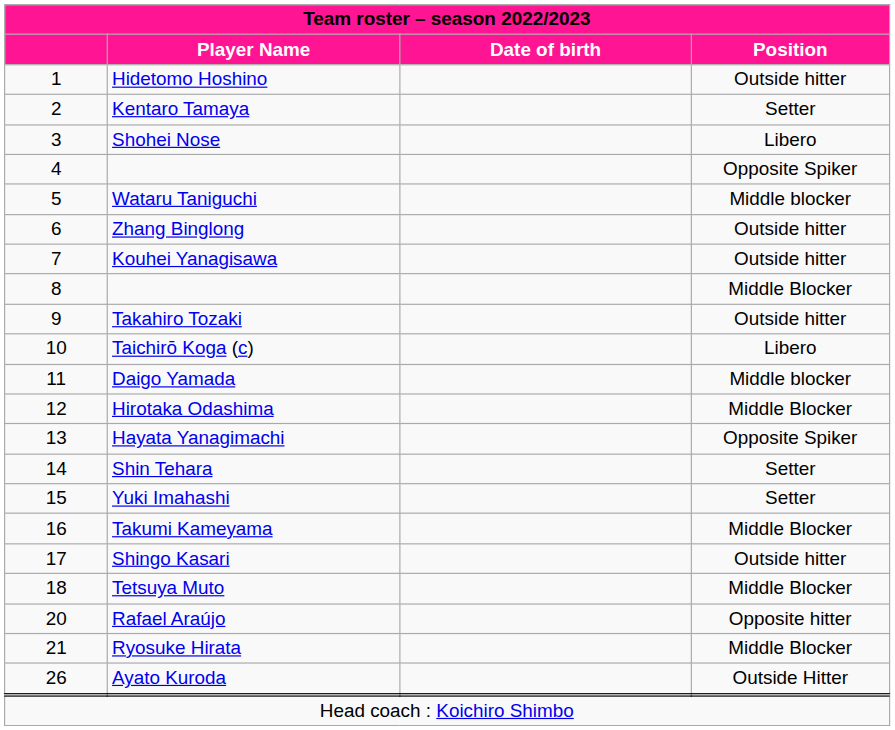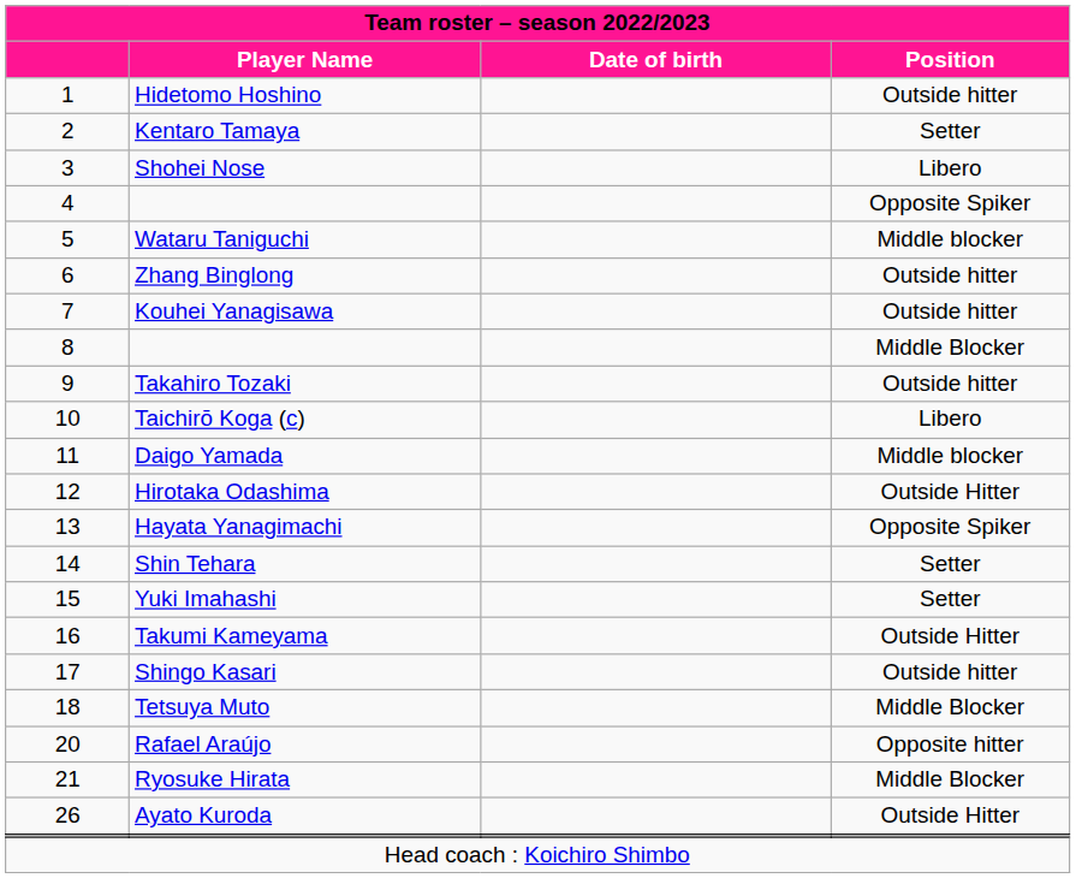 <table class="wikitable collapsible collapsed  " style="text-align:center">
 <tr>
 <th style=background:#FF1493 colspan=7><span>  Team roster – season 2022/2023</span></th>
 </tr>
 <tr>
 <th style="width:5em; color:white; background-color:#FF1493"></th>
 <th style="width:15em; color:white; background-color:#FF1493">Player Name</th>
 <th style="width:15em; color:white; background-color:#FF1493">Date of birth</th>
 <th style="width:10em; color:white; background-color:#FF1493">Position</th>
 </tr>
 <tr>
 <td>1</td>
 <td align=left> <a href='#'>Hidetomo Hoshino</a></td>
 <td align=right></td>
 <td>Outside hitter</td>
 </tr>
 <tr>
 <td>2</td>
 <td align=left> <a href='#'>Kentaro Tamaya</a></td>
 <td align=right></td>
 <td>Setter</td>
 </tr>
 <tr>
 <td>3</td>
 <td align=left> <a href='#'>Shohei Nose</a></td>
 <td align=right></td>
 <td>Libero</td>
 </tr>
 <tr>
 <td>4</td>
 <td align=left> </td>
 <td align=right></td>
 <td>Opposite Spiker</td>
 </tr>
 <tr>
 <td>5</td>
 <td align=left> <a href='#'>Wataru Taniguchi</a></td>
 <td align=right></td>
 <td>Middle blocker</td>
 </tr>
 <tr>
 <td>6</td>
 <td align=left> <a href='#'>Zhang Binglong</a></td>
 <td align=right></td>
 <td>Outside hitter</td>
 </tr>
 <tr>
 <td>7</td>
 <td align=left> <a href='#'>Kouhei Yanagisawa</a></td>
 <td align=right></td>
 <td>Outside hitter</td>
 </tr>
 <tr>
 <td>8</td>
 <td align=left> </td>
 <td align=right></td>
 <td>Middle Blocker</td>
 </tr>
 <tr>
 <td>9</td>
 <td align=left> <a href='#'>Takahiro Tozaki</a></td>
 <td align=right></td>
 <td>Outside hitter</td>
 </tr>
 <tr>
 <td>10</td>
 <td align=left> <a href='#'>Taichirō Koga</a> (<a href='#'>c</a>)</td>
 <td align=right></td>
 <td>Libero</td>
 </tr>
 <tr>
 <td>11</td>
 <td align=left> <a href='#'>Daigo Yamada</a></td>
 <td align=right></td>
 <td>Middle blocker</td>
 </tr>
 <tr>
 <td>12</td>
 <td align=left> <a href='#'>Hirotaka Odashima</a></td>
 <td align=right></td>
-<td>Middle Blocker</td>
+<td>Outside Hitter</td>
 </tr>
 <tr>
 <td>13</td>
 <td align=left> <a href='#'>Hayata Yanagimachi</a></td>
 <td align=right></td>
 <td>Opposite Spiker</td>
 </tr>
 <tr>
 <td>14</td>
 <td align=left> <a href='#'>Shin Tehara</a></td>
 <td align=right></td>
 <td>Setter</td>
 </tr>
 <tr>
 <td>15</td>
 <td align=left> <a href='#'>Yuki Imahashi</a> </td>
 <td align=right></td>
 <td>Setter</td>
 </tr>
 <tr>
 <td>16</td>
 <td align=left> <a href='#'>Takumi Kameyama</a> </td>
 <td align=right></td>
-<td>Middle Blocker</td>
+<td>Outside Hitter</td>
 </tr>
 <tr>
 <td>17</td>
 <td align=left> <a href='#'>Shingo Kasari </a></td>
 <td align=right></td>
 <td>Outside hitter</td>
 </tr>
 <tr>
 <td>18</td>
 <td align=left> <a href='#'>Tetsuya Muto</a></td>
 <td align=right></td>
 <td>Middle Blocker</td>
 </tr>
 <tr>
 <td>20</td>
 <td align=left> <a href='#'>Rafael Araújo</a></td>
 <td align=right></td>
 <td>Opposite hitter</td>
 </tr>
 <tr>
 <td>21</td>
 <td align=left> <a href='#'>Ryosuke Hirata</a></td>
 <td align=right></td>
 <td>Middle Blocker</td>
 </tr>
 <tr>
 <td>26</td>
 <td align=left> <a href='#'>Ayato Kuroda</a></td>
 <td align=right></td>
 <td>Outside Hitter</td>
 </tr>
 <tr>
 <td style="border-top:double;" colspan=4>Head coach :  <a href='#'>Koichiro Shimbo</a></td>
 </tr>
 </table>
